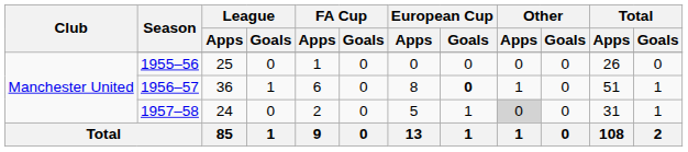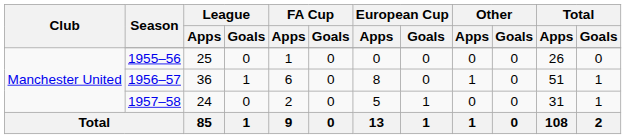 <table class="wikitable" style="text-align:center">
 <tr>
 <th rowspan="2">Club</th>
 <th rowspan="2">Season</th>
 <th colspan="2">League</th>
 <th colspan="2">FA Cup</th>
 <th colspan="2">European Cup</th>
 <th colspan="2">Other</th>
 <th colspan="2">Total</th>
 </tr>
 <tr>
 <th>Apps</th>
 <th>Goals</th>
 <th>Apps</th>
 <th>Goals</th>
 <th>Apps</th>
 <th>Goals</th>
 <th>Apps</th>
 <th>Goals</th>
 <th>Apps</th>
 <th>Goals</th>
 </tr>
 <tr>
 <td rowspan="4"><a href='#'>Manchester United</a></td>
 </tr>
 <tr>
 <td><a href='#'>1955–56</a></td>
 <td>25</td>
 <td>0</td>
 <td>1</td>
 <td>0</td>
 <td>0</td>
 <td>0</td>
 <td>0</td>
 <td>0</td>
 <td>26</td>
 <td>0</td>
 </tr>
 <tr>
 <td><a href='#'>1956–57</a></td>
 <td>36</td>
 <td>1</td>
 <td>6</td>
 <td>0</td>
 <td>8</td>
-<td><strong>0</strong></td>
+<td>0</td>
 <td>1</td>
 <td>0</td>
 <td>51</td>
 <td>1</td>
 </tr>
 <tr>
 <td><a href='#'>1957–58</a></td>
 <td>24</td>
 <td>0</td>
 <td>2</td>
 <td>0</td>
 <td>5</td>
 <td>1</td>
-<td style="background: lightgrey;">0</td>
+<td>0</td>
 <td>0</td>
 <td>31</td>
 <td>1</td>
 </tr>
 <tr>
 <th colspan="2">Total</th>
 <th>85</th>
 <th>1</th>
 <th>9</th>
 <th>0</th>
 <th>13</th>
 <th>1</th>
 <th>1</th>
 <th>0</th>
 <th>108</th>
 <th>2</th>
 </tr>
 </table>
